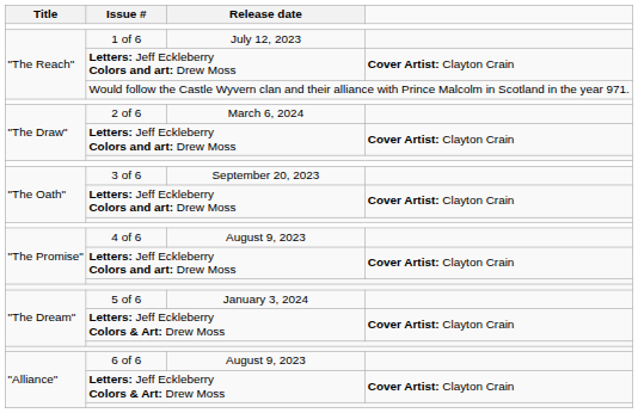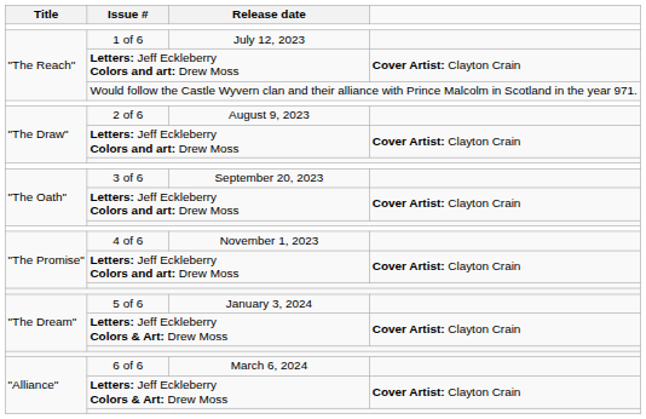 <table class="wikitable">
 <tr>
 <th>Title</th>
 <th>Issue #</th>
 <th>Release date</th>
 </tr>
 <tr>
 <td colspan="6" bgcolor="#FFFFFF"></td>
 </tr>
 <tr>
 <td colspan="1" rowspan="3">"The Reach"</td>
 <td align="center">1 of 6</td>
 <td align="center">July 12, 2023</td>
 </tr>
 <tr>
 <td colspan="2" rowspan="1"><strong>Letters:</strong> Jeff Eckleberry<br><strong>Colors and art:</strong> Drew Moss</td>
 <td><strong>Cover Artist:</strong> Clayton Crain<br></td>
 </tr>
 <tr>
 <td colspan="6">Would follow the Castle Wyvern clan and their alliance with Prince Malcolm in Scotland in the year 971.</td>
 </tr>
 <tr>
 <td colspan="6" bgcolor="#FFFFFF"></td>
 </tr>
 <tr>
 <td colspan="1" rowspan="3">"The Draw"</td>
 <td align="center">2 of 6</td>
-<td align="center">March 6, 2024</td>
+<td align="center">August 9, 2023</td>
 </tr>
 <tr>
 <td colspan="2" rowspan="1"><strong>Letters:</strong> Jeff Eckleberry<br> <strong>Colors and art:</strong> Drew Moss</td>
 <td><strong>Cover Artist:</strong> Clayton Crain<br></td>
 </tr>
 <tr>
 <td colspan="6"></td>
 </tr>
 <tr>
 <td colspan="6" bgcolor="#FFFFFF"></td>
 </tr>
 <tr>
 <td colspan="1" rowspan="3">"The Oath"</td>
 <td align="center">3 of 6</td>
 <td align="center">September 20, 2023</td>
 </tr>
 <tr>
 <td colspan="2" rowspan="1"><strong>Letters:</strong> Jeff Eckleberry<br> <strong>Colors and art:</strong> Drew Moss</td>
 <td><strong>Cover Artist:</strong> Clayton Crain<br></td>
 </tr>
 <tr>
 <td colspan="6"></td>
 </tr>
 <tr>
 <td colspan="6" bgcolor="#FFFFFF"></td>
 </tr>
 <tr>
 <td colspan="1" rowspan="3">"The Promise"</td>
 <td align="center">4 of 6</td>
-<td align="center">August 9, 2023</td>
+<td align="center">November 1, 2023</td>
 </tr>
 <tr>
 <td colspan="2" rowspan="1"><strong>Letters:</strong> Jeff Eckleberry<br> <strong>Colors and art:</strong> Drew Moss</td>
 <td><strong>Cover Artist:</strong> Clayton Crain<br></td>
 </tr>
 <tr>
 <td colspan="6"></td>
 </tr>
 <tr>
 <td colspan="6" bgcolor"#FFFFFF"></td>
 </tr>
 <tr>
 <td colspan="1" rowspan="3">"The Dream"</td>
 <td align="center">5 of 6</td>
 <td align="center">January 3, 2024</td>
 </tr>
 <tr>
 <td colspan="2" rowspan="1"><strong>Letters:</strong> Jeff Eckleberry<br> <strong>Colors & Art:</strong> Drew Moss</td>
 <td><strong>Cover Artist:</strong> Clayton Crain<br></td>
 </tr>
 <tr>
 <td colspan="6"></td>
 </tr>
 <tr>
 <td colspan="6" bgcolor"#FFFFFF"></td>
 </tr>
 <tr>
 <td colspan="1" rowspan="3">"Alliance"</td>
 <td align="center">6 of 6</td>
-<td align="center">August 9, 2023</td>
+<td align="center">March 6, 2024</td>
 </tr>
 <tr>
 <td colspan="2" rowspan="1"><strong>Letters:</strong> Jeff Eckleberry<br> <strong>Colors & Art:</strong> Drew Moss</td>
 <td><strong>Cover Artist:</strong> Clayton Crain<br></td>
 </tr>
 <tr>
 <td colspan="6"></td>
 </tr>
 </table>
